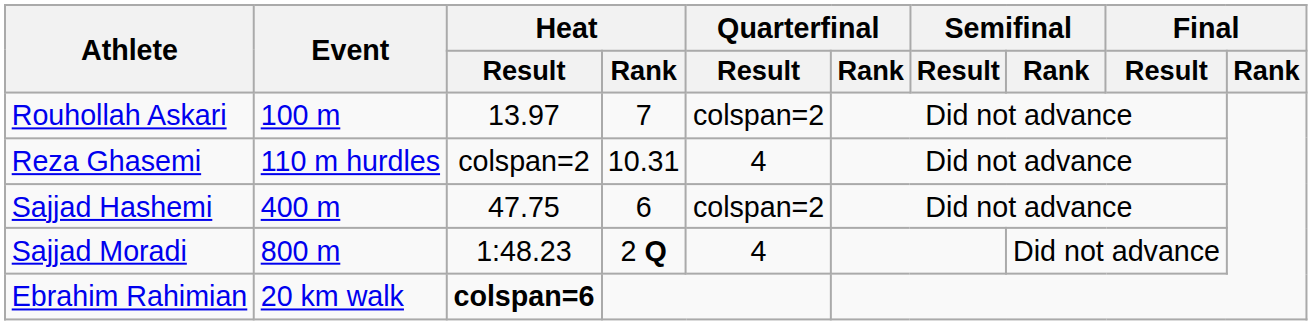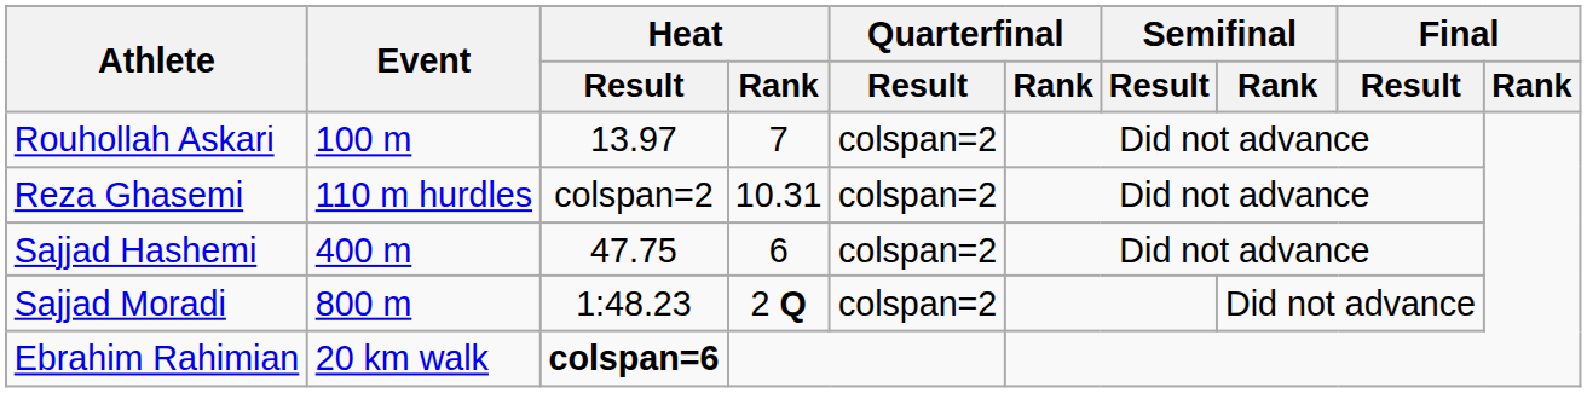 <table class="wikitable" style="font-size:90%; text-align:center">
 <tr>
 <th rowspan=2>Athlete</th>
 <th rowspan=2>Event</th>
 <th colspan=2>Heat</th>
 <th colspan=2>Quarterfinal</th>
 <th colspan=2>Semifinal</th>
 <th colspan=2>Final</th>
 </tr>
 <tr style="font-size:95%">
 <th>Result</th>
 <th>Rank</th>
 <th>Result</th>
 <th>Rank</th>
 <th>Result</th>
 <th>Rank</th>
 <th>Result</th>
 <th>Rank</th>
 </tr>
 <tr align=center>
 <td align=left><a href='#'>Rouhollah Askari</a></td>
 <td align=left><a href='#'>100 m</a></td>
 <td>13.97</td>
 <td>7</td>
 <td>colspan=2 </td>
 <td colspan=4>Did not advance</td>
 </tr>
 <tr align=center>
 <td align=left><a href='#'>Reza Ghasemi</a></td>
 <td align=left><a href='#'>110 m hurdles</a></td>
 <td>colspan=2 </td>
 <td>10.31</td>
-<td>4</td>
+<td>colspan=2 </td>
 <td colspan=4>Did not advance</td>
 </tr>
 <tr align=center>
 <td align=left><a href='#'>Sajjad Hashemi</a></td>
 <td align=left><a href='#'>400 m</a></td>
 <td>47.75</td>
 <td>6</td>
 <td>colspan=2 </td>
 <td colspan=4>Did not advance</td>
 </tr>
 <tr align=center>
 <td align=left><a href='#'>Sajjad Moradi</a></td>
 <td align=left><a href='#'>800 m</a></td>
 <td>1:48.23</td>
 <td>2 <strong>Q</strong></td>
-<td>4</td>
+<td>colspan=2 </td>
 <td colspan=2></td>
 <td colspan=2>Did not advance</td>
 </tr>
 <tr align=center>
 <td align=left><a href='#'>Ebrahim Rahimian</a></td>
 <td align=left><a href='#'>20 km walk</a></td>
 <td><strong>colspan=6 </strong></td>
 <td colspan=2></td>
 </tr>
 </table>
